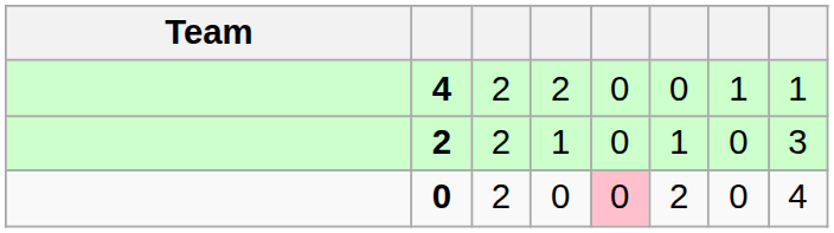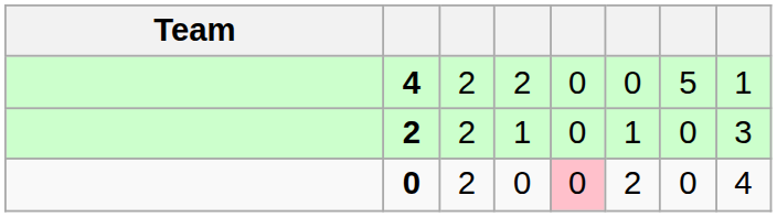 <table class="wikitable" style="text-align: center;">
 <tr>
 <th width=180>Team</th>
 <th width=20></th>
 <th width=20></th>
 <th width=20></th>
 <th width=20></th>
 <th width=20></th>
 <th width=20></th>
 <th width=20></th>
 </tr>
 <tr bgcolor=ccffcc>
 <td align=left></td>
 <td><strong>4</strong></td>
 <td>2</td>
 <td>2</td>
 <td>0</td>
 <td>0</td>
-<td>1</td>
+<td>5</td>
 <td>1</td>
 </tr>
 <tr bgcolor=ccffcc>
 <td align=left></td>
 <td><strong>2</strong></td>
 <td>2</td>
 <td>1</td>
 <td>0</td>
 <td>1</td>
 <td>0</td>
 <td>3</td>
 </tr>
 <tr>
 <td align=left></td>
 <td><strong>0</strong></td>
 <td>2</td>
 <td>0</td>
 <td style="background: pink;">0</td>
 <td>2</td>
 <td>0</td>
 <td>4</td>
 </tr>
 </table>
